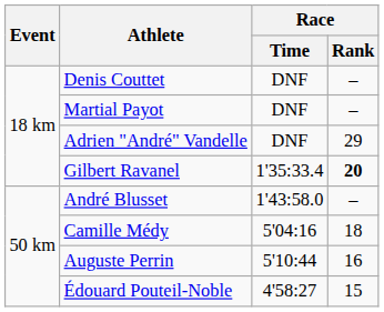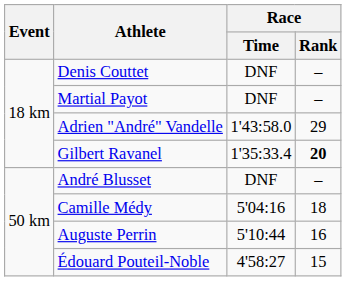 <table class="wikitable" border="1" style="font-size:90%">
 <tr>
 <th rowspan=2>Event</th>
 <th rowspan=2>Athlete</th>
 <th colspan=2>Race</th>
 </tr>
 <tr>
 <th>Time</th>
 <th>Rank</th>
 </tr>
 <tr>
 <td rowspan=4>18 km</td>
 <td><a href='#'>Denis Couttet</a></td>
 <td align=center>DNF</td>
 <td align=center>–</td>
 </tr>
 <tr>
 <td><a href='#'>Martial Payot</a></td>
 <td align=center>DNF</td>
 <td align=center>–</td>
 </tr>
 <tr>
 <td><a href='#'>Adrien "André" Vandelle</a></td>
-<td align=center>DNF</td>
+<td align=center>1'43:58.0</td>
 <td align=center>29</td>
 </tr>
 <tr>
 <td><a href='#'>Gilbert Ravanel</a></td>
 <td align=center>1'35:33.4</td>
 <td align=center><strong>20</strong></td>
 </tr>
 <tr>
 <td rowspan=4>50 km</td>
 <td><a href='#'>André Blusset</a></td>
-<td align=center>1'43:58.0</td>
+<td align=center>DNF</td>
 <td align=center>–</td>
 </tr>
 <tr>
 <td><a href='#'>Camille Médy</a></td>
 <td align=center>5'04:16</td>
 <td align=center>18</td>
 </tr>
 <tr>
 <td><a href='#'>Auguste Perrin</a></td>
 <td align=center>5'10:44</td>
 <td align=center>16</td>
 </tr>
 <tr>
 <td><a href='#'>Édouard Pouteil-Noble</a></td>
 <td align=center>4'58:27</td>
 <td align=center>15</td>
 </tr>
 </table>
